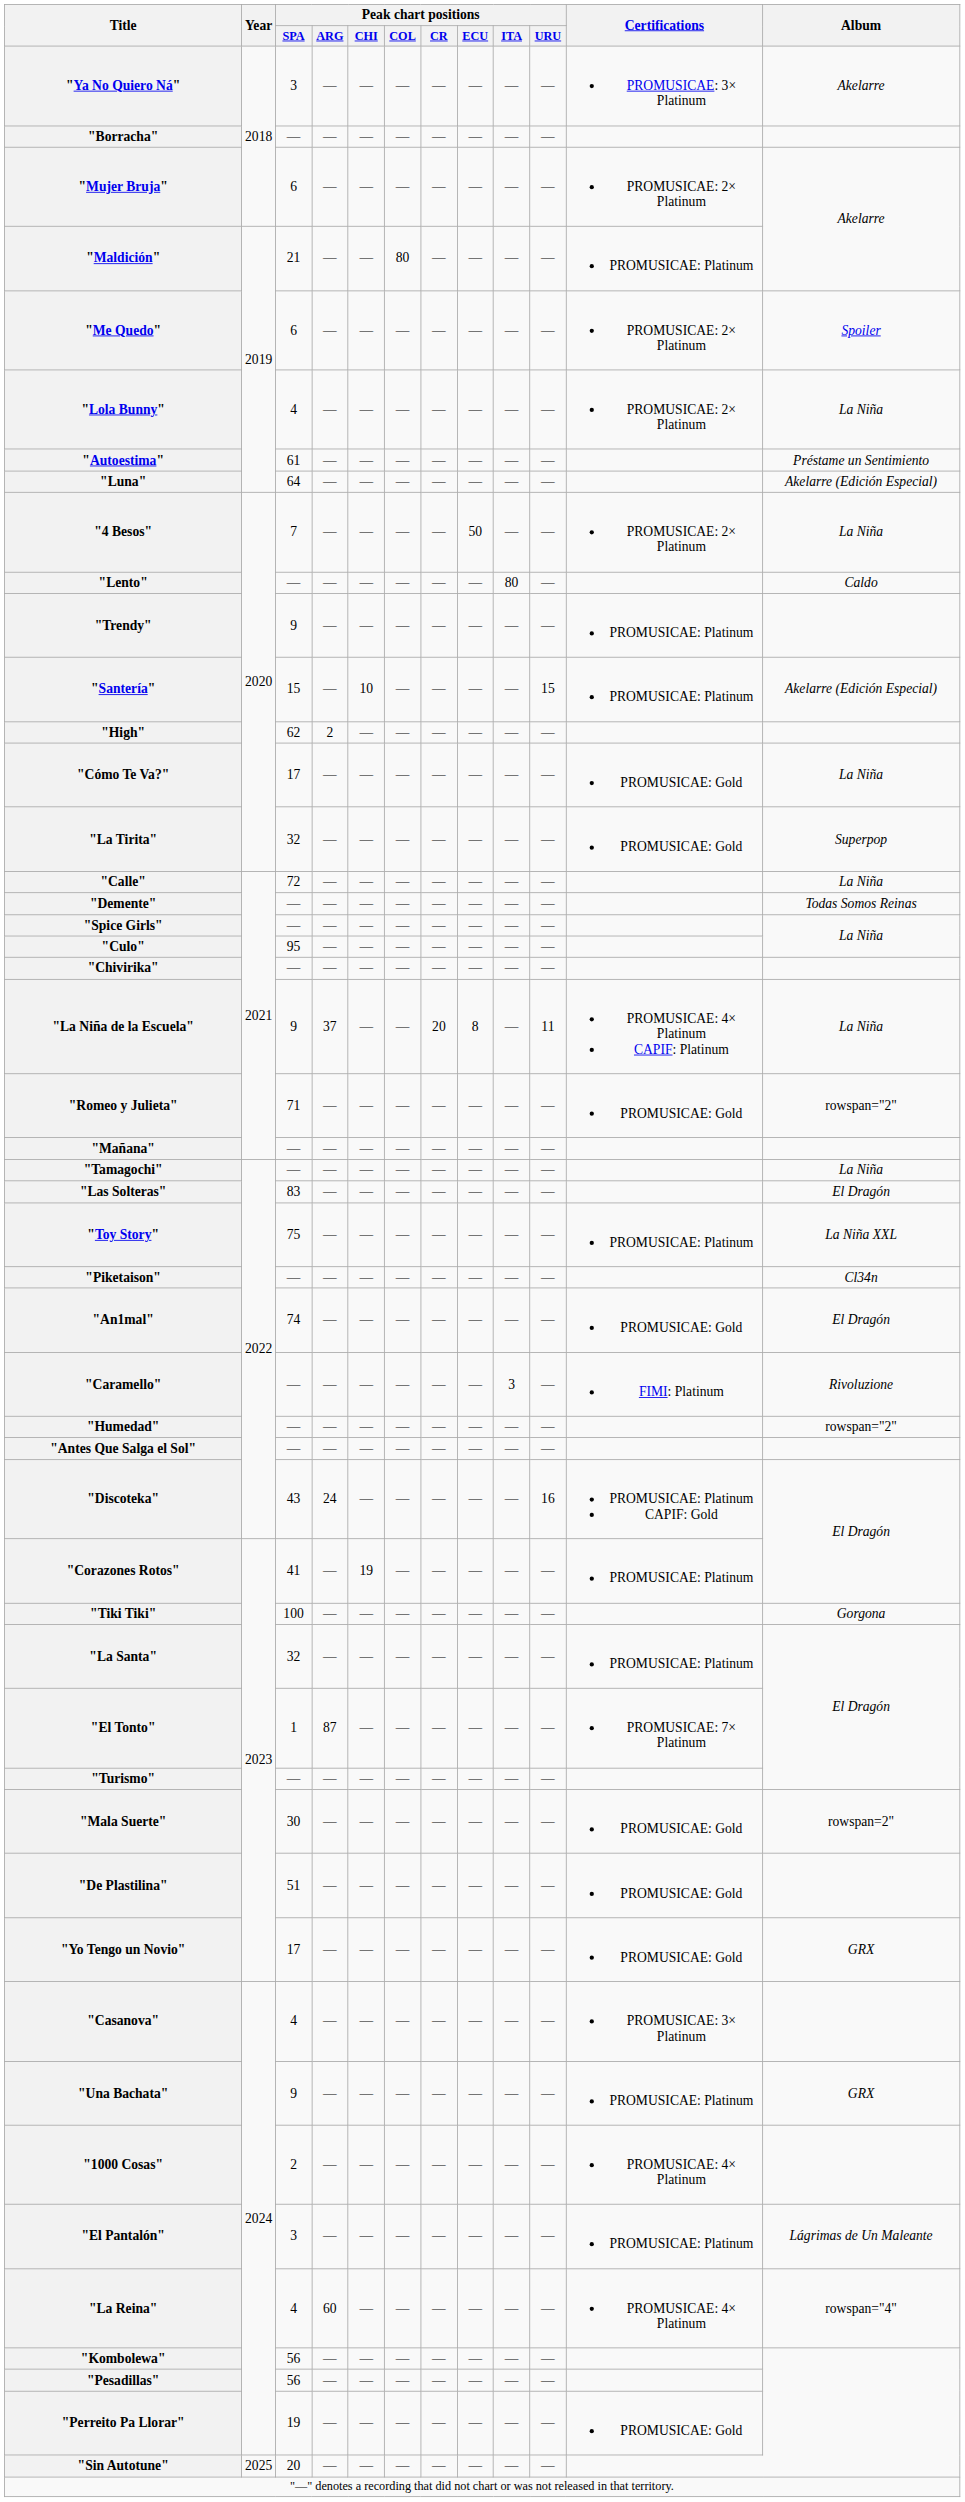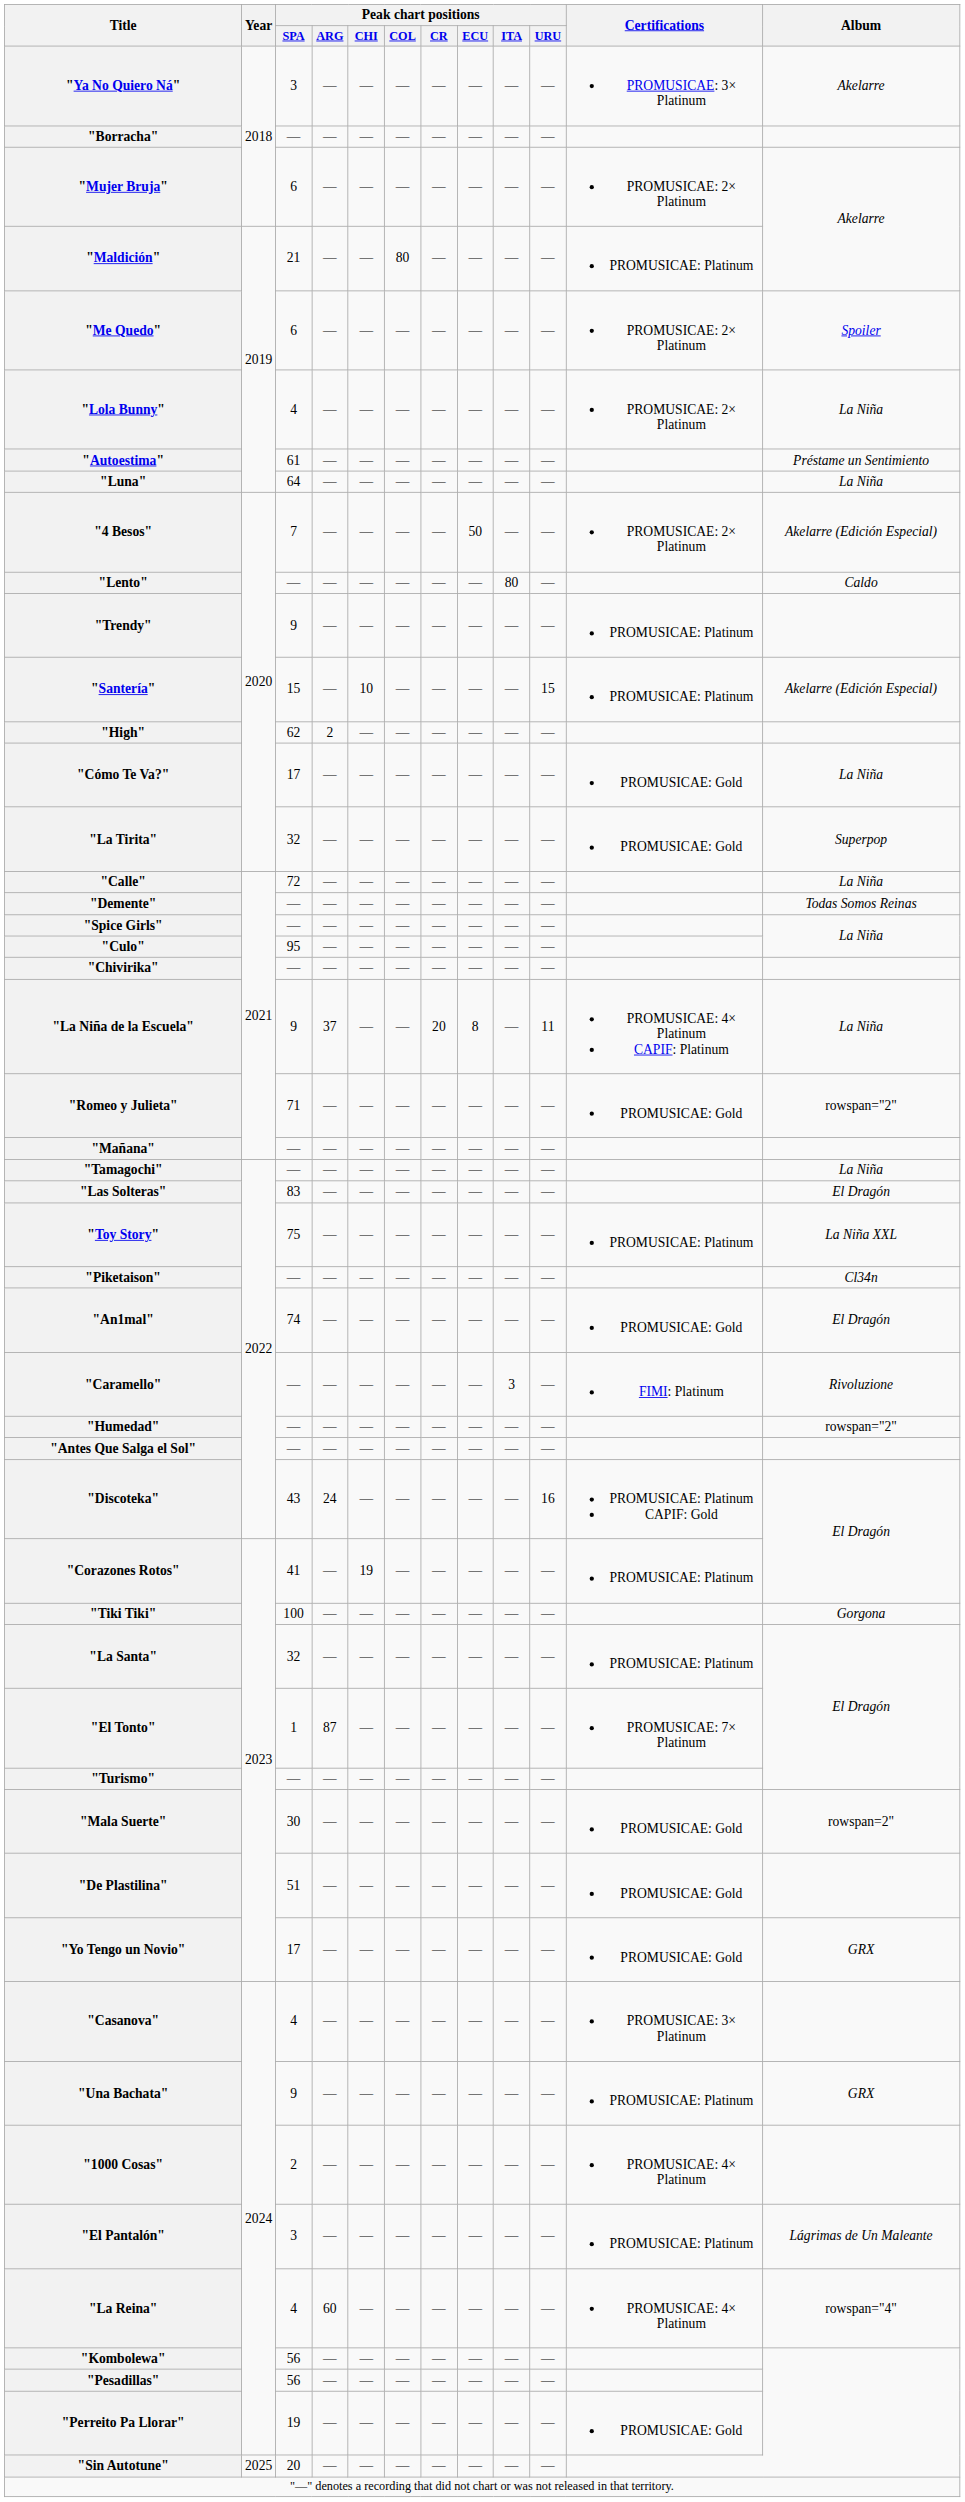 <table class="wikitable plainrowheaders" style="text-align:center;">
 <tr>
 <th scope="col" rowspan="2" style="width:17em;">Title</th>
 <th scope="col" rowspan="2" style="width:1em;">Year</th>
 <th scope="col" colspan="8">Peak chart positions</th>
 <th scope="col" rowspan="2" style="width:14em;"><a href='#'>Certifications</a></th>
 <th scope="col" rowspan="2" style="width:14em;">Album</th>
 </tr>
 <tr>
 <th scope="col" style="width:2.5em;font-size:90%;"><a href='#'>SPA</a><br></th>
 <th scope="col" style="width:2.5em;font-size:90%;"><a href='#'>ARG</a><br></th>
 <th scope="col" style="width:2.5em;font-size:90%;"><a href='#'>CHI</a><br></th>
 <th scope="col" style="width:2.5em;font-size:90%;"><a href='#'>COL</a><br></th>
 <th scope="col" style="width:2.5em;font-size:90%;"><a href='#'>CR</a><br></th>
 <th scope="col" style="width:2.5em;font-size:90%;"><a href='#'>ECU</a><br></th>
 <th scope="col" style="width:2.5em;font-size:90%;"><a href='#'>ITA</a><br></th>
 <th scope="col" style="width:2.5em;font-size:90%;"><a href='#'>URU</a><br></th>
 </tr>
 <tr>
 <th scope="row">"<a href='#'>Ya No Quiero Ná</a>"</th>
 <td rowspan="3">2018</td>
 <td>3</td>
 <td>—</td>
 <td>—</td>
 <td>—</td>
 <td>—</td>
 <td>—</td>
 <td>—</td>
 <td>—</td>
 <td><br><ul><li><a href='#'>PROMUSICAE</a>: 3× Platinum</li></ul></td>
 <td><em>Akelarre</em></td>
 </tr>
 <tr>
 <th scope="row">"Borracha"  <br> </th>
 <td>—</td>
 <td>—</td>
 <td>—</td>
 <td>—</td>
 <td>—</td>
 <td>—</td>
 <td>—</td>
 <td>—</td>
 <td></td>
 <td></td>
 </tr>
 <tr>
 <th scope="row">"<a href='#'>Mujer Bruja</a>"<br></th>
 <td>6</td>
 <td>—</td>
 <td>—</td>
 <td>—</td>
 <td>—</td>
 <td>—</td>
 <td>—</td>
 <td>—</td>
 <td><br><ul><li>PROMUSICAE: 2× Platinum</li></ul></td>
 <td rowspan="2"><em>Akelarre</em></td>
 </tr>
 <tr>
 <th scope="row">"<a href='#'>Maldición</a>"<br></th>
 <td rowspan="5">2019</td>
 <td>21</td>
 <td>—</td>
 <td>—</td>
 <td>80</td>
 <td>—</td>
 <td>—</td>
 <td>—</td>
 <td>—</td>
 <td><br><ul><li>PROMUSICAE: Platinum</li></ul></td>
 </tr>
 <tr>
 <th scope="row">"<a href='#'>Me Quedo</a>"<br></th>
 <td>6</td>
 <td>—</td>
 <td>—</td>
 <td>—</td>
 <td>—</td>
 <td>—</td>
 <td>—</td>
 <td>—</td>
 <td><br><ul><li>PROMUSICAE: 2× Platinum</li></ul></td>
 <td><em><a href='#'>Spoiler</a></em></td>
 </tr>
 <tr>
 <th scope="row">"<a href='#'>Lola Bunny</a>"<br></th>
 <td>4</td>
 <td>—</td>
 <td>—</td>
 <td>—</td>
 <td>—</td>
 <td>—</td>
 <td>—</td>
 <td>—</td>
 <td><br><ul><li>PROMUSICAE: 2× Platinum</li></ul></td>
 <td><em>La Niña</em></td>
 </tr>
 <tr>
 <th scope="row">"<a href='#'>Autoestima</a>"  <br> </th>
 <td>61</td>
 <td>—</td>
 <td>—</td>
 <td>—</td>
 <td>—</td>
 <td>—</td>
 <td>—</td>
 <td>—</td>
 <td></td>
 <td><em>Préstame un Sentimiento</em></td>
 </tr>
 <tr>
 <th scope="row">"Luna"</th>
 <td>64</td>
 <td>—</td>
 <td>—</td>
 <td>—</td>
 <td>—</td>
 <td>—</td>
 <td>—</td>
 <td>—</td>
 <td></td>
-<td><em>Akelarre (Edición Especial)</em></td>
+<td><em>La Niña</em></td>
 </tr>
 <tr>
 <th scope="row">"4 Besos"<br></th>
 <td rowspan="7">2020</td>
 <td>7</td>
 <td>—</td>
 <td>—</td>
 <td>—</td>
 <td>—</td>
 <td>50</td>
 <td>—</td>
 <td>—</td>
 <td><br><ul><li>PROMUSICAE: 2× Platinum</li></ul></td>
-<td><em>La Niña</em></td>
+<td><em>Akelarre (Edición Especial)</em></td>
 </tr>
 <tr>
 <th scope="row">"Lento"  <br> </th>
 <td>—</td>
 <td>—</td>
 <td>—</td>
 <td>—</td>
 <td>—</td>
 <td>—</td>
 <td>80</td>
 <td>—</td>
 <td></td>
 <td><em>Caldo</em></td>
 </tr>
 <tr>
 <th scope="row">"Trendy"<br></th>
 <td>9</td>
 <td>—</td>
 <td>—</td>
 <td>—</td>
 <td>—</td>
 <td>—</td>
 <td>—</td>
 <td>—</td>
 <td><br><ul><li>PROMUSICAE: Platinum</li></ul></td>
 <td></td>
 </tr>
 <tr>
 <th scope="row">"<a href='#'>Santería</a>"<br></th>
 <td>15</td>
 <td>—</td>
 <td>10</td>
 <td>—</td>
 <td>—</td>
 <td>—</td>
 <td>—</td>
 <td>15</td>
 <td><br><ul><li>PROMUSICAE: Platinum</li></ul></td>
 <td><em>Akelarre (Edición Especial)</em></td>
 </tr>
 <tr>
 <th scope="row">"High"  <br> </th>
 <td>62</td>
 <td>2</td>
 <td>—</td>
 <td>—</td>
 <td>—</td>
 <td>—</td>
 <td>—</td>
 <td>—</td>
 <td></td>
 <td></td>
 </tr>
 <tr>
 <th scope="row">"Cómo Te Va?"<br></th>
 <td>17</td>
 <td>—</td>
 <td>—</td>
 <td>—</td>
 <td>—</td>
 <td>—</td>
 <td>—</td>
 <td>—</td>
 <td><br><ul><li>PROMUSICAE: Gold</li></ul></td>
 <td><em>La Niña</em></td>
 </tr>
 <tr>
 <th scope="row">"La Tirita"<br></th>
 <td>32</td>
 <td>—</td>
 <td>—</td>
 <td>—</td>
 <td>—</td>
 <td>—</td>
 <td>—</td>
 <td>—</td>
 <td><br><ul><li>PROMUSICAE: Gold</li></ul></td>
 <td><em>Superpop</em></td>
 </tr>
 <tr>
 <th scope="row">"Calle"<br></th>
 <td rowspan="8">2021</td>
 <td>72</td>
 <td>—</td>
 <td>—</td>
 <td>—</td>
 <td>—</td>
 <td>—</td>
 <td>—</td>
 <td>—</td>
 <td></td>
 <td><em>La Niña</em></td>
 </tr>
 <tr>
 <th scope="row">"Demente"<br></th>
 <td>—</td>
 <td>—</td>
 <td>—</td>
 <td>—</td>
 <td>—</td>
 <td>—</td>
 <td>—</td>
 <td>—</td>
 <td></td>
 <td><em>Todas Somos Reinas</em></td>
 </tr>
 <tr>
 <th scope="row">"Spice Girls"</th>
 <td>—</td>
 <td>—</td>
 <td>—</td>
 <td>—</td>
 <td>—</td>
 <td>—</td>
 <td>—</td>
 <td>—</td>
 <td></td>
 <td rowspan ="2"><em>La Niña</em></td>
 </tr>
 <tr>
 <th scope="row">"Culo"<br></th>
 <td>95</td>
 <td>—</td>
 <td>—</td>
 <td>—</td>
 <td>—</td>
 <td>—</td>
 <td>—</td>
 <td>—</td>
 <td></td>
 </tr>
 <tr>
 <th scope="row">"Chivirika"  <br> </th>
 <td>—</td>
 <td>—</td>
 <td>—</td>
 <td>—</td>
 <td>—</td>
 <td>—</td>
 <td>—</td>
 <td>—</td>
 <td></td>
 <td></td>
 </tr>
 <tr>
 <th scope="row">"La Niña de la Escuela"<br></th>
 <td>9</td>
 <td>37</td>
 <td>—</td>
 <td>—</td>
 <td>20</td>
 <td>8</td>
 <td>—</td>
 <td>11</td>
 <td><br><ul><li>PROMUSICAE: 4× Platinum</li><li><a href='#'>CAPIF</a>: Platinum</li></ul></td>
 <td><em>La Niña</em></td>
 </tr>
 <tr>
 <th scope="row">"Romeo y Julieta"<br></th>
 <td>71</td>
 <td>—</td>
 <td>—</td>
 <td>—</td>
 <td>—</td>
 <td>—</td>
 <td>—</td>
 <td>—</td>
 <td><br><ul><li>PROMUSICAE: Gold</li></ul></td>
 <td>rowspan="2" </td>
 </tr>
 <tr>
 <th scope="row">"Mañana"<br></th>
 <td>—</td>
 <td>—</td>
 <td>—</td>
 <td>—</td>
 <td>—</td>
 <td>—</td>
 <td>—</td>
 <td>—</td>
 <td></td>
 </tr>
 <tr>
 <th scope="row">"Tamagochi"</th>
 <td rowspan="9">2022</td>
 <td>—</td>
 <td>—</td>
 <td>—</td>
 <td>—</td>
 <td>—</td>
 <td>—</td>
 <td>—</td>
 <td>—</td>
 <td></td>
 <td><em>La Niña</em></td>
 </tr>
 <tr>
 <th scope="row">"Las Solteras"</th>
 <td>83</td>
 <td>—</td>
 <td>—</td>
 <td>—</td>
 <td>—</td>
 <td>—</td>
 <td>—</td>
 <td>—</td>
 <td></td>
 <td><em>El Dragón</em></td>
 </tr>
 <tr>
 <th scope="row">"<a href='#'>Toy Story</a>"</th>
 <td>75</td>
 <td>—</td>
 <td>—</td>
 <td>—</td>
 <td>—</td>
 <td>—</td>
 <td>—</td>
 <td>—</td>
 <td><br><ul><li>PROMUSICAE: Platinum</li></ul></td>
 <td><em>La Niña XXL</em></td>
 </tr>
 <tr>
 <th scope="row">"Piketaison"<br></th>
 <td>—</td>
 <td>—</td>
 <td>—</td>
 <td>—</td>
 <td>—</td>
 <td>—</td>
 <td>—</td>
 <td>—</td>
 <td></td>
 <td><em>Cl34n</em></td>
 </tr>
 <tr>
 <th scope="row">"An1mal"</th>
 <td>74</td>
 <td>—</td>
 <td>—</td>
 <td>—</td>
 <td>—</td>
 <td>—</td>
 <td>—</td>
 <td>—</td>
 <td><br><ul><li>PROMUSICAE: Gold</li></ul></td>
 <td><em>El Dragón</em></td>
 </tr>
 <tr>
 <th scope="row">"Caramello"<br></th>
 <td>—</td>
 <td>—</td>
 <td>—</td>
 <td>—</td>
 <td>—</td>
 <td>—</td>
 <td>3</td>
 <td>—</td>
 <td><br><ul><li><a href='#'>FIMI</a>: Platinum</li></ul></td>
 <td><em>Rivoluzione</em></td>
 </tr>
 <tr>
 <th scope="row">"Humedad"  <br> </th>
 <td>—</td>
 <td>—</td>
 <td>—</td>
 <td>—</td>
 <td>—</td>
 <td>—</td>
 <td>—</td>
 <td>—</td>
 <td></td>
 <td>rowspan="2" </td>
 </tr>
 <tr>
 <th scope="row">"Antes Que Salga el Sol"<br></th>
 <td>—</td>
 <td>—</td>
 <td>—</td>
 <td>—</td>
 <td>—</td>
 <td>—</td>
 <td>—</td>
 <td>—</td>
 <td></td>
 </tr>
 <tr>
 <th scope="row">"Discoteka"<br></th>
 <td>43</td>
 <td>24</td>
 <td>—</td>
 <td>—</td>
 <td>—</td>
 <td>—</td>
 <td>—</td>
 <td>16</td>
 <td><br><ul><li>PROMUSICAE: Platinum</li><li>CAPIF: Gold</li></ul></td>
 <td rowspan="2"><em>El Dragón</em></td>
 </tr>
 <tr>
 <th scope="row">"Corazones Rotos"<br></th>
 <td rowspan="8">2023</td>
 <td>41</td>
 <td>—</td>
 <td>19</td>
 <td>—</td>
 <td>—</td>
 <td>—</td>
 <td>—</td>
 <td>—</td>
 <td><br><ul><li>PROMUSICAE: Platinum</li></ul></td>
 </tr>
 <tr>
 <th scope="row">"Tiki Tiki"<br></th>
 <td>100</td>
 <td>—</td>
 <td>—</td>
 <td>—</td>
 <td>—</td>
 <td>—</td>
 <td>—</td>
 <td>—</td>
 <td></td>
 <td><em>Gorgona</em></td>
 </tr>
 <tr>
 <th scope="row">"La Santa"</th>
 <td>32</td>
 <td>—</td>
 <td>—</td>
 <td>—</td>
 <td>—</td>
 <td>—</td>
 <td>—</td>
 <td>—</td>
 <td><br><ul><li>PROMUSICAE: Platinum</li></ul></td>
 <td rowspan="3"><em>El Dragón</em></td>
 </tr>
 <tr>
 <th scope="row">"El Tonto"<br></th>
 <td>1</td>
 <td>87</td>
 <td>—</td>
 <td>—</td>
 <td>—</td>
 <td>—</td>
 <td>—</td>
 <td>—</td>
 <td><br><ul><li>PROMUSICAE: 7× Platinum</li></ul></td>
 </tr>
 <tr>
 <th scope="row">"Turismo"<br></th>
 <td>—</td>
 <td>—</td>
 <td>—</td>
 <td>—</td>
 <td>—</td>
 <td>—</td>
 <td>—</td>
 <td>—</td>
 <td></td>
 </tr>
 <tr>
 <th scope="row">"Mala Suerte"<br></th>
 <td>30</td>
 <td>—</td>
 <td>—</td>
 <td>—</td>
 <td>—</td>
 <td>—</td>
 <td>—</td>
 <td>—</td>
 <td><br><ul><li>PROMUSICAE: Gold</li></ul></td>
 <td>rowspan=2" </td>
 </tr>
 <tr>
 <th scope="row">"De Plastilina"<br></th>
 <td>51</td>
 <td>—</td>
 <td>—</td>
 <td>—</td>
 <td>—</td>
 <td>—</td>
 <td>—</td>
 <td>—</td>
 <td><br><ul><li>PROMUSICAE: Gold</li></ul></td>
 </tr>
 <tr>
 <th scope="row">"Yo Tengo un Novio"<br></th>
 <td>17</td>
 <td>—</td>
 <td>—</td>
 <td>—</td>
 <td>—</td>
 <td>—</td>
 <td>—</td>
 <td>—</td>
 <td><br><ul><li>PROMUSICAE: Gold</li></ul></td>
 <td><em>GRX</em></td>
 </tr>
 <tr>
 <th scope="row">"Casanova"<br></th>
 <td rowspan=8>2024</td>
 <td>4</td>
 <td>—</td>
 <td>—</td>
 <td>—</td>
 <td>—</td>
 <td>—</td>
 <td>—</td>
 <td>—</td>
 <td><br><ul><li>PROMUSICAE: 3× Platinum</li></ul></td>
 <td></td>
 </tr>
 <tr>
 <th scope="row">"Una Bachata"<br></th>
 <td>9</td>
 <td>—</td>
 <td>—</td>
 <td>—</td>
 <td>—</td>
 <td>—</td>
 <td>—</td>
 <td>—</td>
 <td><br><ul><li>PROMUSICAE: Platinum</li></ul></td>
 <td><em>GRX</em></td>
 </tr>
 <tr>
 <th scope="row">"1000 Cosas"<br></th>
 <td>2</td>
 <td>—</td>
 <td>—</td>
 <td>—</td>
 <td>—</td>
 <td>—</td>
 <td>—</td>
 <td>—</td>
 <td><br><ul><li>PROMUSICAE: 4× Platinum</li></ul></td>
 <td></td>
 </tr>
 <tr>
 <th scope="row">"El Pantalón"<br></th>
 <td>3</td>
 <td>—</td>
 <td>—</td>
 <td>—</td>
 <td>—</td>
 <td>—</td>
 <td>—</td>
 <td>—</td>
 <td><br><ul><li>PROMUSICAE: Platinum</li></ul></td>
 <td><em>Lágrimas de Un Maleante</em></td>
 </tr>
 <tr>
 <th scope="row">"La Reina"<br></th>
 <td>4</td>
 <td>60</td>
 <td>—</td>
 <td>—</td>
 <td>—</td>
 <td>—</td>
 <td>—</td>
 <td>—</td>
 <td><br><ul><li>PROMUSICAE: 4× Platinum</li></ul></td>
 <td>rowspan="4" </td>
 </tr>
 <tr>
 <th scope="row">"Kombolewa"<br></th>
 <td>56</td>
 <td>—</td>
 <td>—</td>
 <td>—</td>
 <td>—</td>
 <td>—</td>
 <td>—</td>
 <td>—</td>
 <td></td>
 </tr>
 <tr>
 <th scope="row">"Pesadillas"</th>
 <td>56</td>
 <td>—</td>
 <td>—</td>
 <td>—</td>
 <td>—</td>
 <td>—</td>
 <td>—</td>
 <td>—</td>
 <td></td>
 </tr>
 <tr>
 <th scope="row">"Perreito Pa Llorar"<br></th>
 <td>19</td>
 <td>—</td>
 <td>—</td>
 <td>—</td>
 <td>—</td>
 <td>—</td>
 <td>—</td>
 <td>—</td>
 <td><br><ul><li>PROMUSICAE: Gold</li></ul></td>
 </tr>
 <tr>
 <th scope="row">"Sin Autotune"</th>
 <td>2025</td>
 <td>20</td>
 <td>—</td>
 <td>—</td>
 <td>—</td>
 <td>—</td>
 <td>—</td>
 <td>—</td>
 <td>—</td>
 </tr>
 <tr>
 <td colspan="15" style="font-size:90%">"—" denotes a recording that did not chart or was not released in that territory.</td>
 </tr>
 </table>
